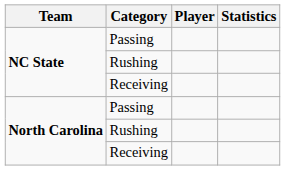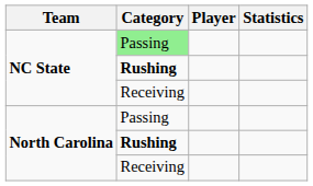 <table class="wikitable" style="float: right;">
 <tr>
 <th>Team</th>
 <th>Category</th>
 <th>Player</th>
 <th>Statistics</th>
 </tr>
 <tr>
 <td rowspan=3><strong>NC State</strong></td>
-<td>Passing</td>
+<td style="background: lightgreen;">Passing</td>
 <td></td>
 <td></td>
 </tr>
 <tr>
-<td>Rushing</td>
+<td><strong>Rushing</strong></td>
 <td></td>
 <td></td>
 </tr>
 <tr>
 <td>Receiving</td>
 <td></td>
 <td></td>
 </tr>
 <tr>
 <td rowspan=3><strong>North Carolina</strong></td>
 <td>Passing</td>
 <td></td>
 <td></td>
 </tr>
 <tr>
-<td>Rushing</td>
+<td><strong>Rushing</strong></td>
 <td></td>
 <td></td>
 </tr>
 <tr>
 <td>Receiving</td>
 <td></td>
 <td></td>
 </tr>
 </table>
